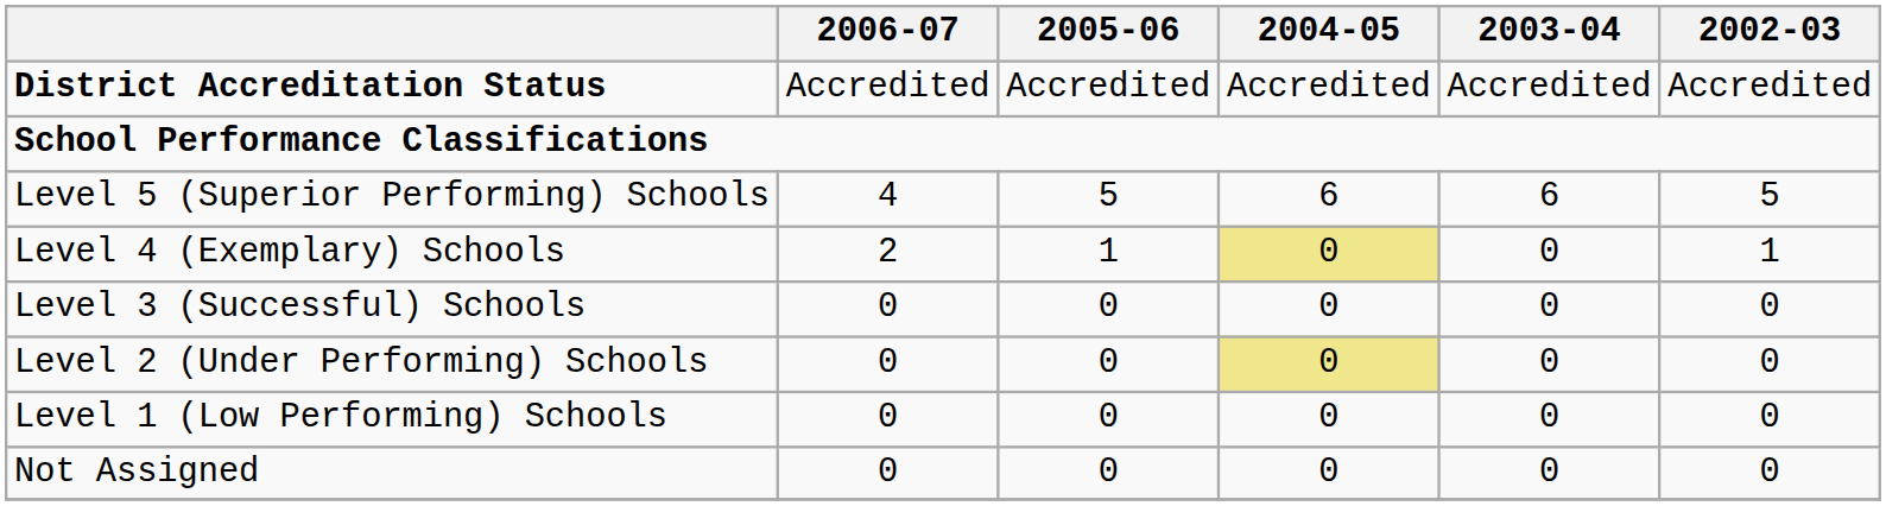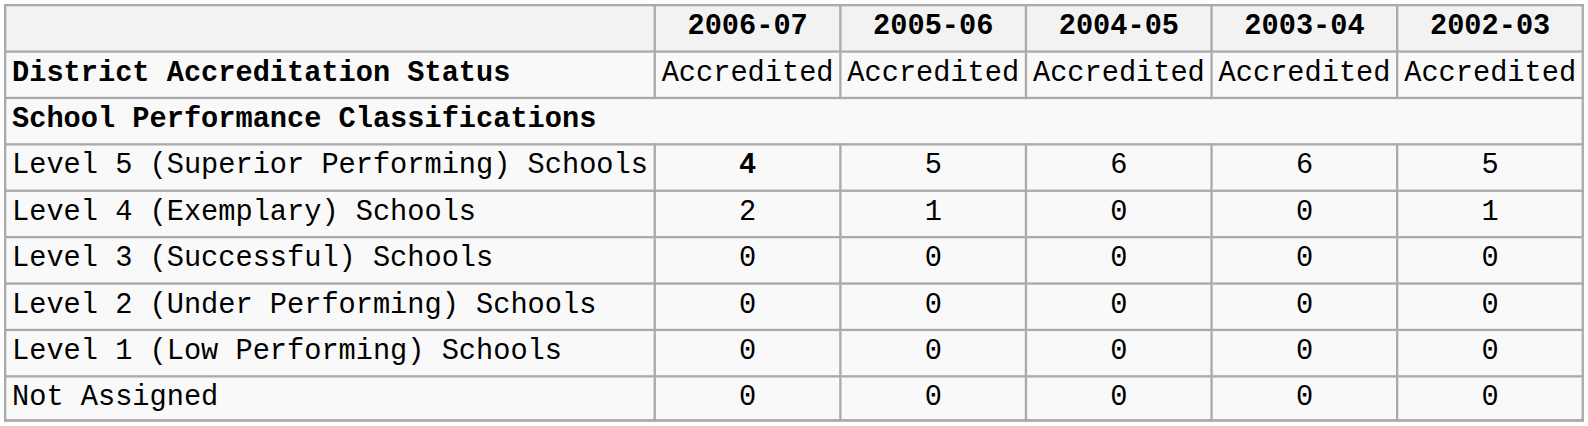 <table class="wikitable" style="font-size: 95%;">
 <tr>
 <th></th>
 <th>2006-07</th>
 <th>2005-06</th>
 <th>2004-05</th>
 <th>2003-04</th>
 <th>2002-03</th>
 </tr>
 <tr>
 <td align="left"><strong>District Accreditation Status</strong></td>
 <td align="center">Accredited</td>
 <td align="center">Accredited</td>
 <td align="center">Accredited</td>
 <td align="center">Accredited</td>
 <td align="center">Accredited</td>
 </tr>
 <tr>
 <td align="left" colspan="6"><strong>School Performance Classifications</strong></td>
 </tr>
 <tr>
 <td align="left">Level 5 (Superior Performing) Schools</td>
-<td align="center">4</td>
+<td align="center"><strong>4</strong></td>
 <td align="center">5</td>
 <td align="center">6</td>
 <td align="center">6</td>
 <td align="center">5</td>
 </tr>
 <tr>
 <td align="left">Level 4 (Exemplary) Schools</td>
 <td align="center">2</td>
 <td align="center">1</td>
-<td align="center" style="background: khaki;">0</td>
+<td align="center">0</td>
 <td align="center">0</td>
 <td align="center">1</td>
 </tr>
 <tr>
 <td align="left">Level 3 (Successful) Schools</td>
 <td align="center">0</td>
 <td align="center">0</td>
 <td align="center">0</td>
 <td align="center">0</td>
 <td align="center">0</td>
 </tr>
 <tr>
 <td align="left">Level 2 (Under Performing) Schools</td>
 <td align="center">0</td>
 <td align="center">0</td>
-<td align="center" style="background: khaki;">0</td>
+<td align="center">0</td>
 <td align="center">0</td>
 <td align="center">0</td>
 </tr>
 <tr>
 <td align="left">Level 1 (Low Performing) Schools</td>
 <td align="center">0</td>
 <td align="center">0</td>
 <td align="center">0</td>
 <td align="center">0</td>
 <td align="center">0</td>
 </tr>
 <tr>
 <td align="left">Not Assigned</td>
 <td align="center">0</td>
 <td align="center">0</td>
 <td align="center">0</td>
 <td align="center">0</td>
 <td align="center">0</td>
 </tr>
 <tr>
 </tr>
 </table>
